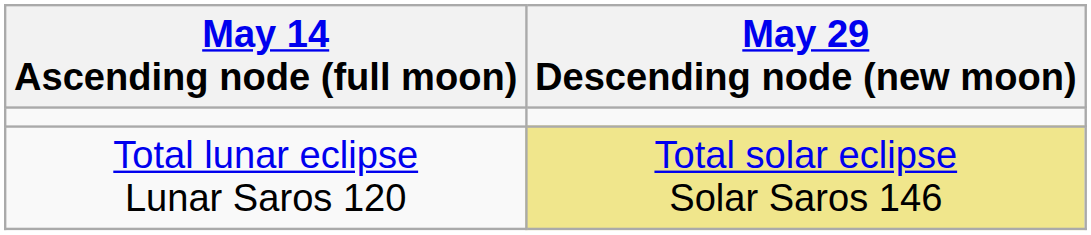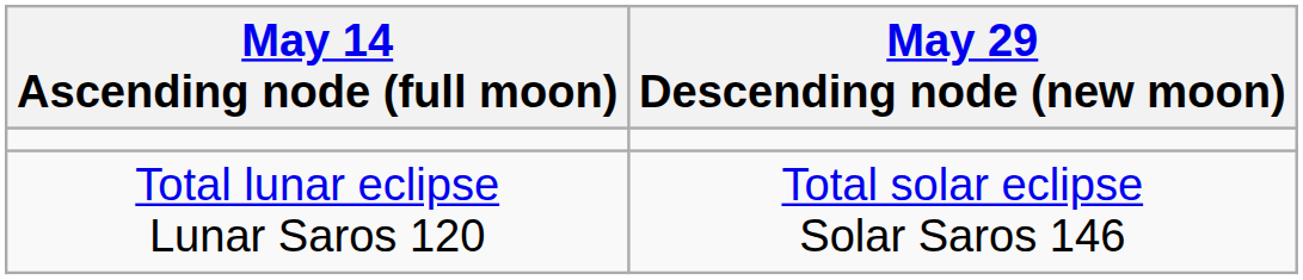 <table class="wikitable">
 <tr>
 <th><a href='#'>May 14</a><br>Ascending node (full moon)</th>
 <th><a href='#'>May 29</a><br>Descending node (new moon)</th>
 </tr>
 <tr>
 <td></td>
 <td></td>
 </tr>
 <tr align=center>
 <td><a href='#'>Total lunar eclipse</a><br>Lunar Saros 120</td>
-<td style="background: khaki;"><a href='#'>Total solar eclipse</a><br>Solar Saros 146</td>
+<td><a href='#'>Total solar eclipse</a><br>Solar Saros 146</td>
 </tr>
 </table>
